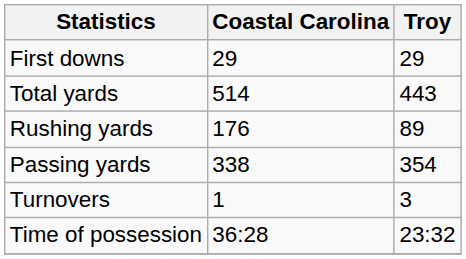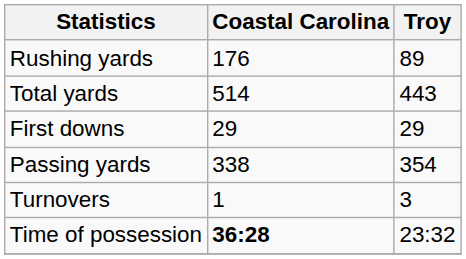 <table class="wikitable">
 <tr>
 <th>Statistics</th>
 <th>Coastal Carolina</th>
 <th>Troy</th>
 </tr>
 <tr>
-<td>First downs</td>
-<td>29</td>
-<td>29</td>
+<td>Rushing yards</td>
+<td>176</td>
+<td>89</td>
 </tr>
 <tr>
 <td>Total yards</td>
 <td>514</td>
 <td>443</td>
 </tr>
 <tr>
-<td>Rushing yards</td>
-<td>176</td>
-<td>89</td>
+<td>First downs</td>
+<td>29</td>
+<td>29</td>
 </tr>
 <tr>
 <td>Passing yards</td>
 <td>338</td>
 <td>354</td>
 </tr>
 <tr>
 <td>Turnovers</td>
 <td>1</td>
 <td>3</td>
 </tr>
 <tr>
 <td>Time of possession</td>
-<td>36:28</td>
+<td><strong>36:28</strong></td>
 <td>23:32</td>
 </tr>
 <tr>
 </tr>
 </table>
